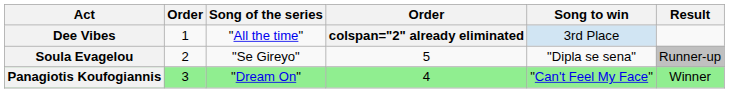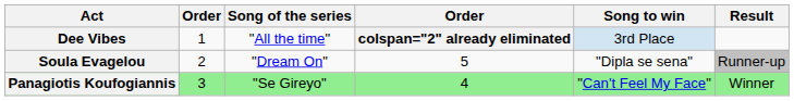 <table class="wikitable plainrowheaders" style="text-align:center;">
 <tr>
 <th scope="col">Act</th>
 <th scope="col">Order</th>
 <th scope="col">Song of the series</th>
 <th scope="col">Order</th>
 <th scope="col">Song to win</th>
 <th scope="col">Result</th>
 </tr>
 <tr>
 <th scope="row">Dee Vibes</th>
 <td>1</td>
 <td>"<a href='#'>All the time</a>"</td>
 <th>colspan="2"  already eliminated</th>
 <td style="width: 150px; background:#D1E5F3">3rd Place</td>
 </tr>
 <tr>
 <th scope="row">Soula Evagelou</th>
 <td>2</td>
-<td>"Se Gireyo"</td>
+<td>"<a href='#'>Dream On</a>"</td>
 <td>5</td>
 <td>"Dipla se sena"</td>
 <td style="background:silver">Runner-up</td>
 </tr>
 <tr style="background:lightgreen;">
 <th scope="row">Panagiotis Koufogiannis</th>
 <td>3</td>
-<td>"<a href='#'>Dream On</a>"</td>
+<td>"Se Gireyo"</td>
 <td>4</td>
 <td>"<a href='#'>Can't Feel My Face</a>"</td>
 <td>Winner</td>
 </tr>
 </table>
